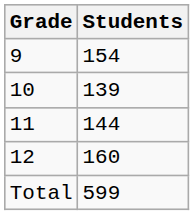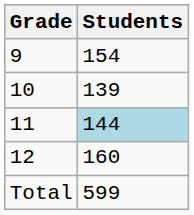 <table class="wikitable">
 <tr>
 <th>Grade</th>
 <th>Students</th>
 </tr>
 <tr>
 <td>9</td>
 <td>154</td>
 </tr>
 <tr>
 <td>10</td>
 <td>139</td>
 </tr>
 <tr>
 <td>11</td>
-<td>144</td>
+<td style="background: lightblue;">144</td>
 </tr>
 <tr>
 <td>12</td>
 <td>160</td>
 </tr>
 <tr>
 <td>Total</td>
 <td>599</td>
 </tr>
 </table>
